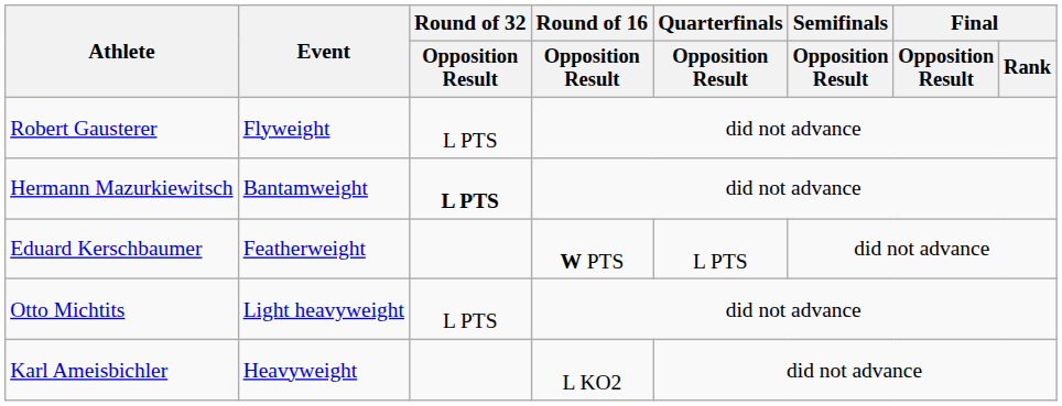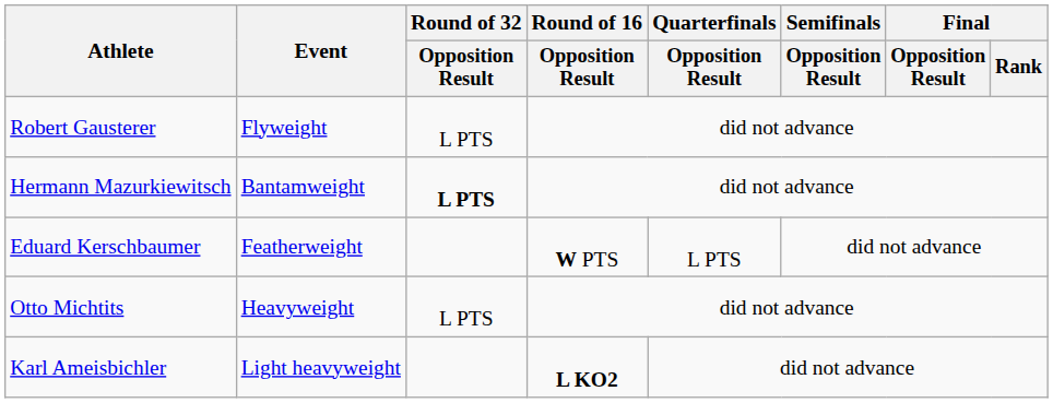 <table class="wikitable" style="font-size:90%;">
 <tr>
 <th rowspan=2>Athlete</th>
 <th rowspan=2>Event</th>
 <th>Round of 32</th>
 <th>Round of 16</th>
 <th>Quarterfinals</th>
 <th>Semifinals</th>
 <th colspan=2>Final</th>
 </tr>
 <tr style="font-size:95%">
 <th>Opposition<br>Result</th>
 <th>Opposition<br>Result</th>
 <th>Opposition<br>Result</th>
 <th>Opposition<br>Result</th>
 <th>Opposition<br>Result</th>
 <th>Rank</th>
 </tr>
 <tr align=center>
 <td align=left><a href='#'>Robert Gausterer</a></td>
 <td align=left><a href='#'>Flyweight</a></td>
 <td><br> L PTS</td>
 <td colspan=6>did not advance</td>
 </tr>
 <tr align=center>
 <td align=left><a href='#'>Hermann Mazurkiewitsch</a></td>
 <td align=left><a href='#'>Bantamweight</a></td>
 <td><strong><br> L PTS</strong></td>
 <td colspan=6>did not advance</td>
 </tr>
 <tr align=center>
 <td align=left><a href='#'>Eduard Kerschbaumer</a></td>
 <td align=left><a href='#'>Featherweight</a></td>
 <td></td>
 <td><br><strong>W</strong> PTS</td>
 <td><br> L PTS</td>
 <td colspan=3>did not advance</td>
 </tr>
 <tr align=center>
 <td align=left><a href='#'>Otto Michtits</a></td>
-<td align=left><a href='#'>Light heavyweight</a></td>
+<td align=left><a href='#'>Heavyweight</a></td>
 <td><br> L PTS</td>
 <td colspan=6>did not advance</td>
 </tr>
 <tr align=center>
 <td align=left><a href='#'>Karl Ameisbichler</a></td>
-<td align=left><a href='#'>Heavyweight</a></td>
+<td align=left><a href='#'>Light heavyweight</a></td>
 <td></td>
-<td><br> L KO2</td>
+<td><strong><br> L KO2</strong></td>
 <td colspan=4>did not advance</td>
 </tr>
 </table>
